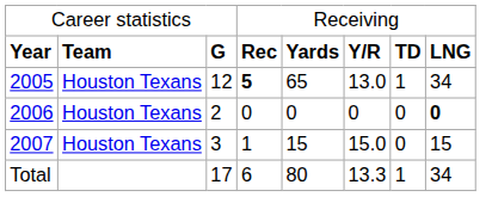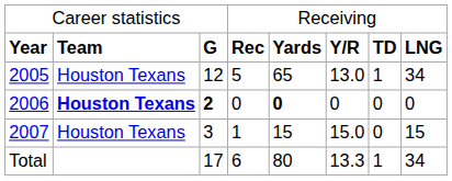 <table class="wikitable" style="background:#fff;">
 <tr style="text-align:center;">
 <td colspan="3">Career statistics</td>
 <td colspan="5" style="text-align:center;">Receiving</td>
 </tr>
 <tr>
 <td><strong>Year</strong></td>
 <td><strong>Team</strong></td>
 <td><strong>G</strong></td>
 <td><strong>Rec</strong></td>
 <td><strong>Yards</strong></td>
 <td><strong>Y/R</strong></td>
 <td><strong>TD</strong></td>
 <td><strong>LNG</strong></td>
 </tr>
 <tr>
 <td><a href='#'>2005</a></td>
 <td><a href='#'>Houston Texans</a></td>
 <td>12</td>
-<td><strong>5</strong></td>
+<td>5</td>
 <td>65</td>
 <td>13.0</td>
 <td>1</td>
 <td>34</td>
 </tr>
 <tr>
 <td><a href='#'>2006</a></td>
-<td><a href='#'>Houston Texans</a></td>
-<td>2</td>
+<td><strong><a href='#'>Houston Texans</a></strong></td>
+<td><strong>2</strong></td>
+<td>0</td>
+<td><strong>0</strong></td>
 <td>0</td>
 <td>0</td>
 <td>0</td>
-<td>0</td>
-<td><strong>0</strong></td>
 </tr>
 <tr>
 <td><a href='#'>2007</a></td>
 <td><a href='#'>Houston Texans</a></td>
 <td>3</td>
 <td>1</td>
 <td>15</td>
 <td>15.0</td>
 <td>0</td>
 <td>15</td>
 </tr>
 <tr>
 <td>Total</td>
 <td></td>
 <td>17</td>
 <td>6</td>
 <td>80</td>
 <td>13.3</td>
 <td>1</td>
 <td>34</td>
 </tr>
 </table>
